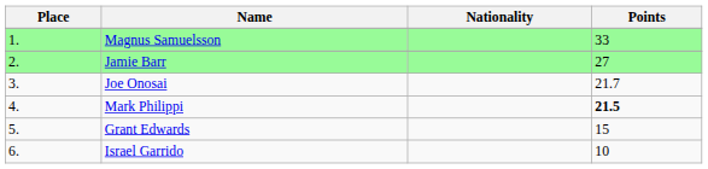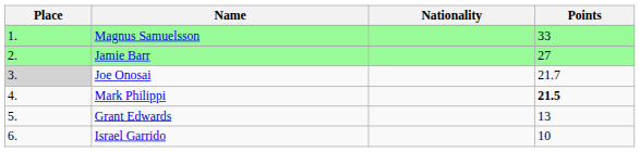 <table class="wikitable" style="display: inline-table; width: 50%;">
 <tr>
 <th>Place</th>
 <th>Name</th>
 <th>Nationality</th>
 <th>Points</th>
 </tr>
 <tr>
 </tr>
 <tr bgcolor=palegreen>
 <td>1.</td>
 <td><a href='#'>Magnus Samuelsson</a></td>
 <td></td>
 <td>33</td>
 </tr>
 <tr>
 </tr>
 <tr bgcolor=palegreen>
 <td>2.</td>
 <td><a href='#'>Jamie Barr</a></td>
 <td></td>
 <td>27</td>
 </tr>
 <tr>
-<td>3.</td>
+<td style="background: lightgrey;">3.</td>
 <td><a href='#'>Joe Onosai</a></td>
 <td></td>
 <td>21.7</td>
 </tr>
 <tr>
 <td>4.</td>
 <td><a href='#'>Mark Philippi</a></td>
 <td></td>
 <td><strong>21.5</strong></td>
 </tr>
 <tr>
 <td>5.</td>
 <td><a href='#'>Grant Edwards</a></td>
 <td></td>
-<td>15</td>
+<td>13</td>
 </tr>
 <tr>
 <td>6.</td>
 <td><a href='#'>Israel Garrido</a></td>
 <td></td>
 <td>10</td>
 </tr>
 </table>
